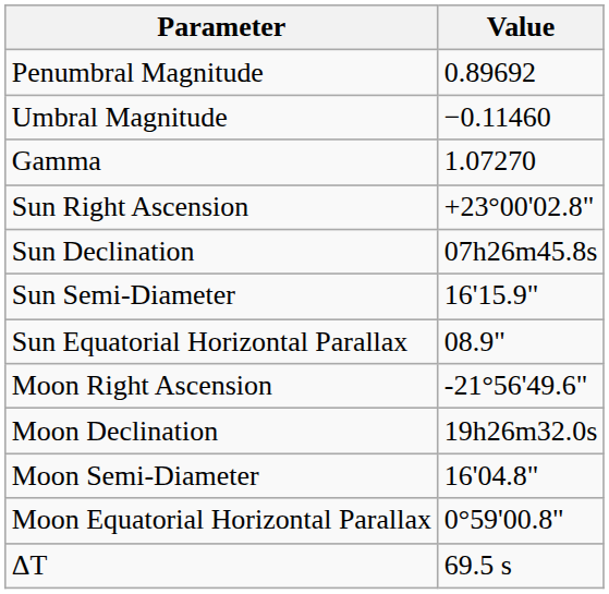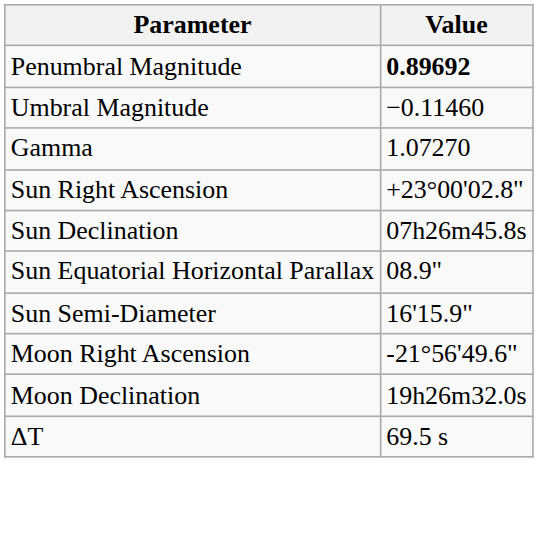 <table class="wikitable">
 <tr>
 <th>Parameter</th>
 <th>Value</th>
 </tr>
 <tr>
 <td>Penumbral Magnitude</td>
-<td>0.89692</td>
+<td><strong>0.89692</strong></td>
 </tr>
 <tr>
 <td>Umbral Magnitude</td>
 <td>−0.11460</td>
 </tr>
 <tr>
 <td>Gamma</td>
 <td>1.07270</td>
 </tr>
 <tr>
 <td>Sun Right Ascension</td>
 <td>+23°00'02.8"</td>
 </tr>
 <tr>
 <td>Sun Declination</td>
 <td>07h26m45.8s</td>
 </tr>
 <tr>
+<td>Sun Equatorial Horizontal Parallax</td>
+<td>08.9"</td>
+</tr>
+<tr>
 <td>Sun Semi-Diameter</td>
 <td>16'15.9"</td>
-</tr>
-<tr>
-<td>Sun Equatorial Horizontal Parallax</td>
-<td>08.9"</td>
 </tr>
 <tr>
 <td>Moon Right Ascension</td>
 <td>-21°56'49.6"</td>
 </tr>
 <tr>
 <td>Moon Declination</td>
 <td>19h26m32.0s</td>
 </tr>
 <tr>
-<td>Moon Semi-Diameter</td>
-<td>16'04.8"</td>
-</tr>
-<tr>
-<td>Moon Equatorial Horizontal Parallax</td>
-<td>0°59'00.8"</td>
-</tr>
-<tr>
 <td>ΔT</td>
 <td>69.5 s</td>
 </tr>
 </table>
